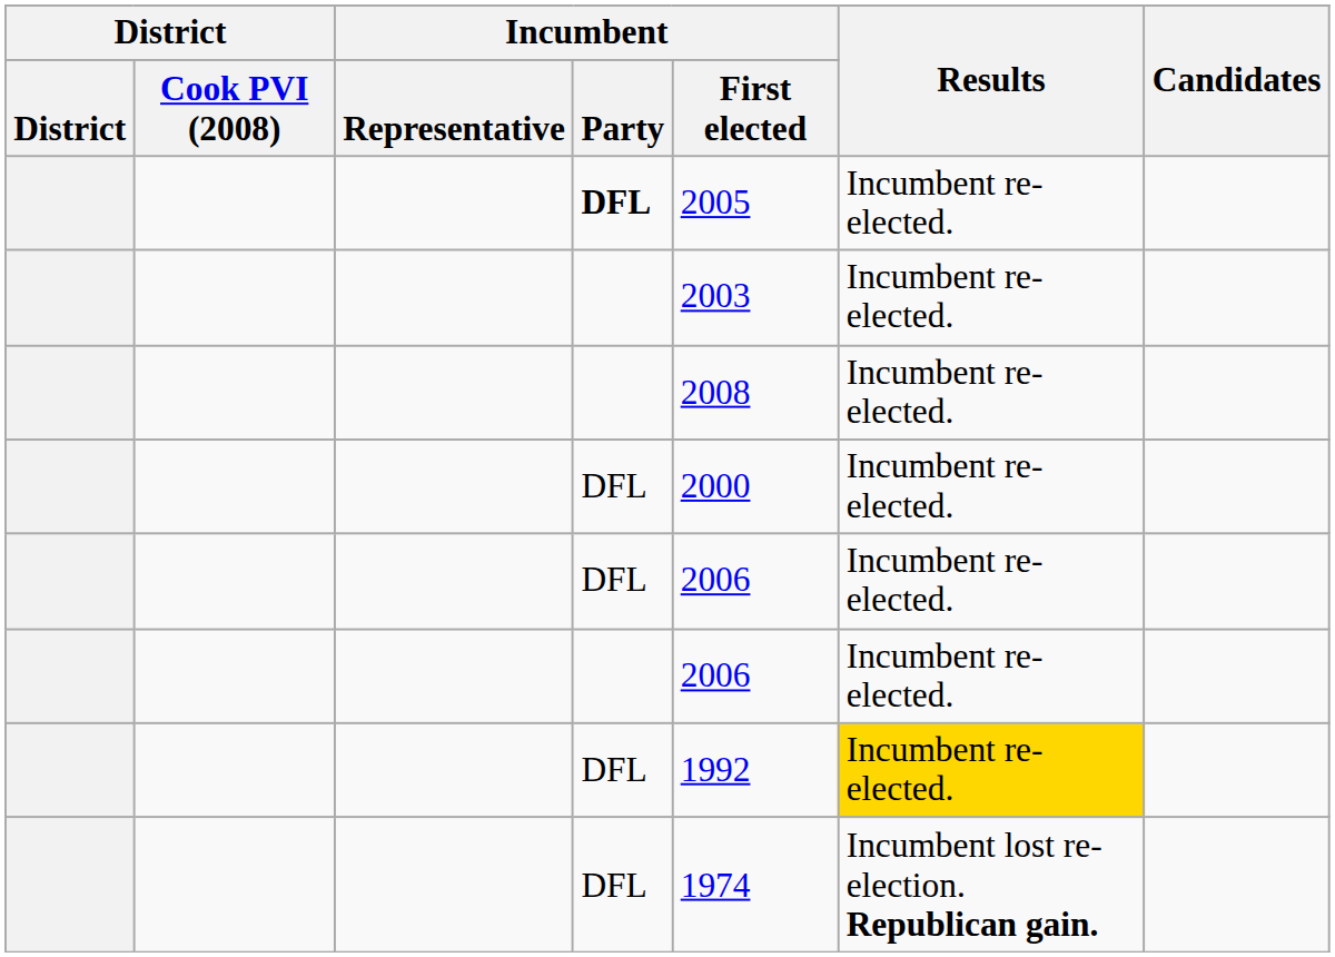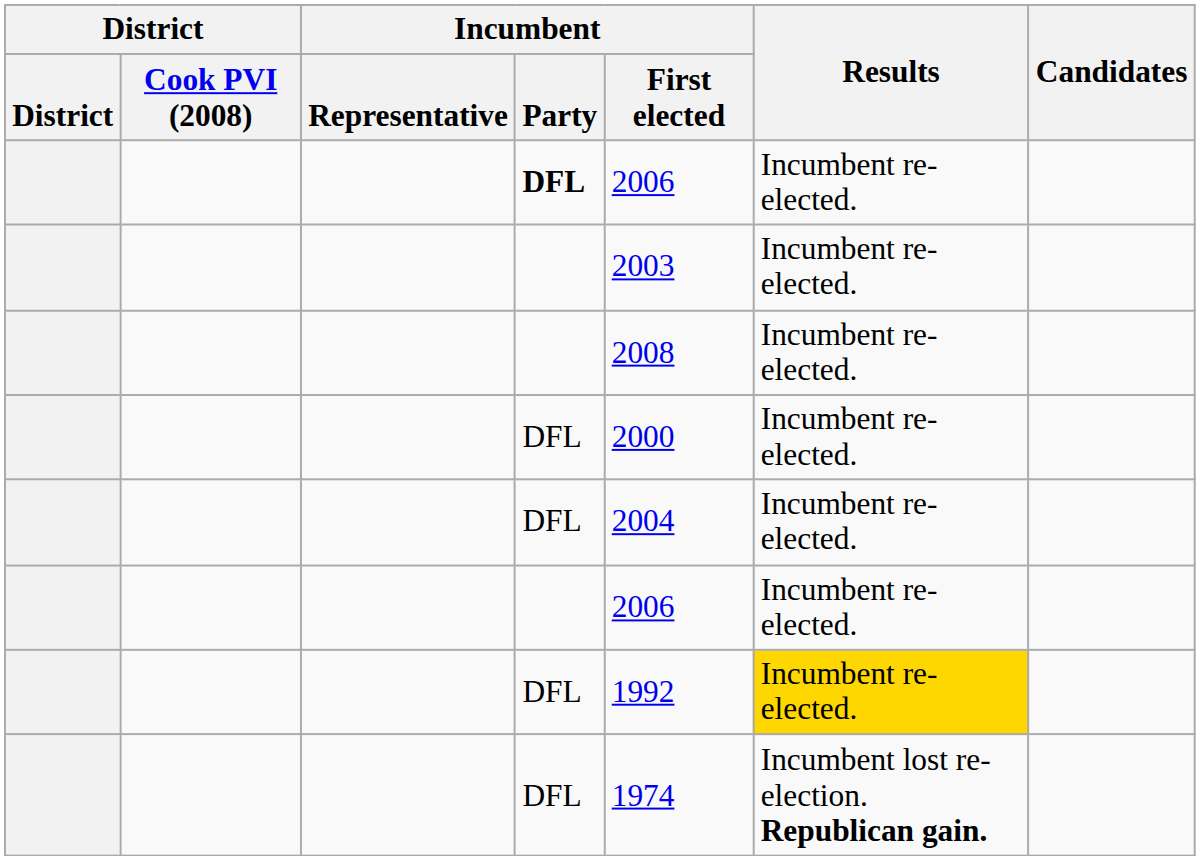 <table class="wikitable sortable">
 <tr>
 <th colspan=2>District</th>
 <th colspan=3>Incumbent</th>
 <th rowspan=2>Results</th>
 <th rowspan=2>Candidates</th>
 </tr>
 <tr valign=bottom>
 <th>District</th>
 <th><a href='#'>Cook PVI</a> (2008)</th>
 <th>Representative</th>
 <th>Party</th>
 <th>First elected</th>
 </tr>
 <tr>
 <th></th>
 <td></td>
 <td></td>
 <td><strong>DFL</strong></td>
-<td><a href='#'>2005</a></td>
+<td><a href='#'>2006</a></td>
 <td>Incumbent re-elected.</td>
 <td nowrap></td>
 </tr>
 <tr>
 <th></th>
 <td></td>
 <td></td>
 <td></td>
 <td><a href='#'>2003</a></td>
 <td>Incumbent re-elected.</td>
 <td nowrap></td>
 </tr>
 <tr>
 <th></th>
 <td></td>
 <td></td>
 <td></td>
 <td><a href='#'>2008</a></td>
 <td>Incumbent re-elected.</td>
 <td nowrap></td>
 </tr>
 <tr>
 <th></th>
 <td></td>
 <td></td>
 <td>DFL</td>
 <td><a href='#'>2000</a></td>
 <td>Incumbent re-elected.</td>
 <td nowrap></td>
 </tr>
 <tr>
 <th></th>
 <td></td>
 <td></td>
 <td>DFL</td>
-<td><a href='#'>2006</a></td>
+<td><a href='#'>2004</a></td>
 <td>Incumbent re-elected.</td>
 <td nowrap></td>
 </tr>
 <tr>
 <th></th>
 <td></td>
 <td></td>
 <td></td>
 <td><a href='#'>2006</a></td>
 <td>Incumbent re-elected.</td>
 <td nowrap></td>
 </tr>
 <tr>
 <th></th>
 <td></td>
 <td></td>
 <td>DFL</td>
 <td><a href='#'>1992</a></td>
 <td style="background: gold;">Incumbent re-elected.</td>
 <td nowrap></td>
 </tr>
 <tr>
 <th></th>
 <td></td>
 <td></td>
 <td>DFL</td>
 <td><a href='#'>1974</a></td>
 <td>Incumbent lost re-election.<br><strong>Republican gain.</strong></td>
 <td nowrap></td>
 </tr>
 </table>
